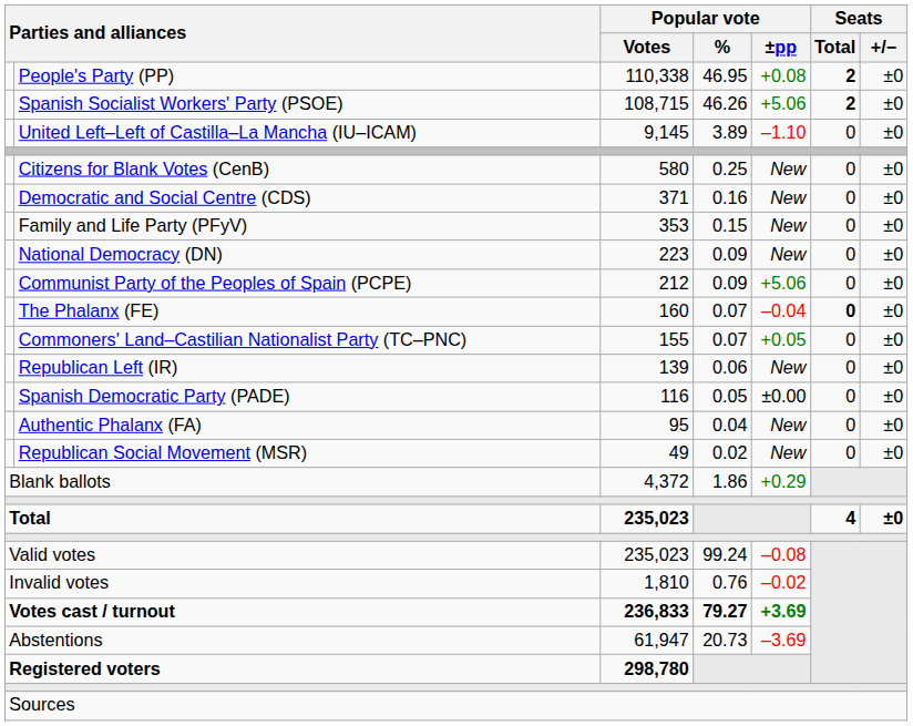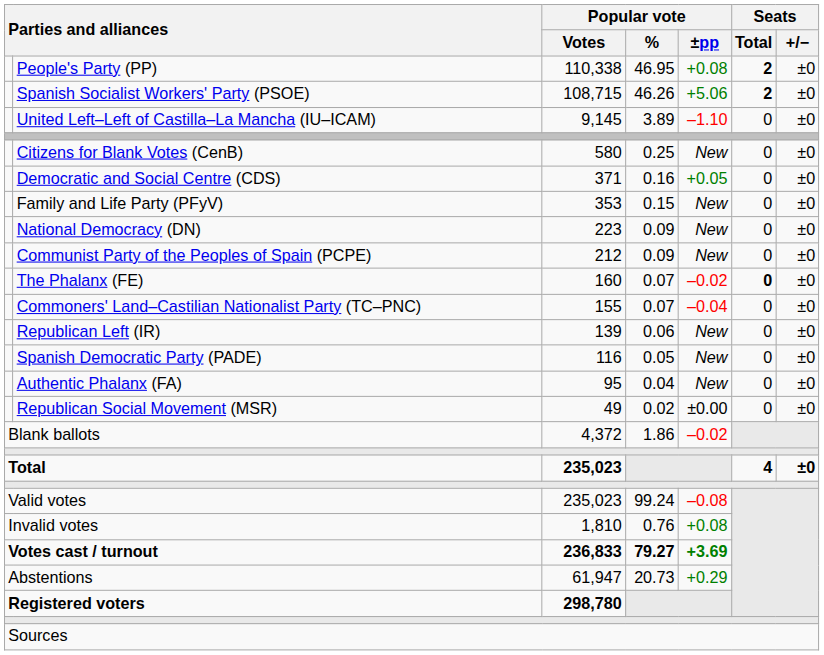 <table class="wikitable" style="text-align:right;">
 <tr>
 <th style="text-align:left;" rowspan="2" colspan="2" width="525">Parties and alliances</th>
 <th colspan="3">Popular vote</th>
 <th colspan="2">Seats</th>
 </tr>
 <tr>
 <th width="75">Votes</th>
 <th width="45">%</th>
 <th width="45">±<a href='#'>pp</a></th>
 <th width="35">Total</th>
 <th width="35">+/−</th>
 </tr>
 <tr>
 <td width="1" style="color:inherit;background:"></td>
 <td align="left"><a href='#'>People's Party</a> (PP)</td>
 <td>110,338</td>
 <td>46.95</td>
 <td style="color:green;">+0.08</td>
 <td><strong>2</strong></td>
 <td>±0</td>
 </tr>
 <tr>
 <td style="color:inherit;background:"></td>
 <td align="left"><a href='#'>Spanish Socialist Workers' Party</a> (PSOE)</td>
 <td>108,715</td>
 <td>46.26</td>
 <td style="color:green;">+5.06</td>
 <td><strong>2</strong></td>
 <td>±0</td>
 </tr>
 <tr>
 <td style="color:inherit;background:"></td>
 <td align="left"><a href='#'>United Left–Left of Castilla–La Mancha</a> (IU–ICAM)</td>
 <td>9,145</td>
 <td>3.89</td>
 <td style="color:red;">–1.10</td>
 <td>0</td>
 <td>±0</td>
 </tr>
 <tr>
 <td colspan="7" bgcolor="#C0C0C0"></td>
 </tr>
 <tr>
 <td style="color:inherit;background:"></td>
 <td align="left"><a href='#'>Citizens for Blank Votes</a> (CenB)</td>
 <td>580</td>
 <td>0.25</td>
 <td><em>New</em></td>
 <td>0</td>
 <td>±0</td>
 </tr>
 <tr>
 <td style="color:inherit;background:"></td>
 <td align="left"><a href='#'>Democratic and Social Centre</a> (CDS)</td>
 <td>371</td>
 <td>0.16</td>
-<td><em>New</em></td>
+<td style="color:green;">+0.05</td>
 <td>0</td>
 <td>±0</td>
 </tr>
 <tr>
 <td style="color:inherit;background:"></td>
 <td align="left">Family and Life Party (PFyV)</td>
 <td>353</td>
 <td>0.15</td>
 <td><em>New</em></td>
 <td>0</td>
 <td>±0</td>
 </tr>
 <tr>
 <td style="color:inherit;background:"></td>
 <td align="left"><a href='#'>National Democracy</a> (DN)</td>
 <td>223</td>
 <td>0.09</td>
 <td><em>New</em></td>
 <td>0</td>
 <td>±0</td>
 </tr>
 <tr>
 <td style="color:inherit;background:"></td>
 <td align="left"><a href='#'>Communist Party of the Peoples of Spain</a> (PCPE)</td>
 <td>212</td>
 <td>0.09</td>
-<td style="color:green;">+5.06</td>
+<td><em>New</em></td>
 <td>0</td>
 <td>±0</td>
 </tr>
 <tr>
 <td style="color:inherit;background:"></td>
 <td align="left"><a href='#'>The Phalanx</a> (FE)</td>
 <td>160</td>
 <td>0.07</td>
-<td style="color:red;">–0.04</td>
+<td style="color:red;">–0.02</td>
 <td><strong>0</strong></td>
 <td>±0</td>
 </tr>
 <tr>
 <td style="color:inherit;background:"></td>
 <td align="left"><a href='#'>Commoners' Land–Castilian Nationalist Party</a> (TC–PNC)</td>
 <td>155</td>
 <td>0.07</td>
-<td style="color:green;">+0.05</td>
+<td style="color:red;">–0.04</td>
 <td>0</td>
 <td>±0</td>
 </tr>
 <tr>
 <td style="color:inherit;background:"></td>
 <td align="left"><a href='#'>Republican Left</a> (IR)</td>
 <td>139</td>
 <td>0.06</td>
 <td><em>New</em></td>
 <td>0</td>
 <td>±0</td>
 </tr>
 <tr>
 <td style="color:inherit;background:"></td>
 <td align="left"><a href='#'>Spanish Democratic Party</a> (PADE)</td>
 <td>116</td>
 <td>0.05</td>
-<td>±0.00</td>
+<td><em>New</em></td>
 <td>0</td>
 <td>±0</td>
 </tr>
 <tr>
 <td style="color:inherit;background:"></td>
 <td align="left"><a href='#'>Authentic Phalanx</a> (FA)</td>
 <td>95</td>
 <td>0.04</td>
 <td><em>New</em></td>
 <td>0</td>
 <td>±0</td>
 </tr>
 <tr>
 <td style="color:inherit;background:"></td>
 <td align="left"><a href='#'>Republican Social Movement</a> (MSR)</td>
 <td>49</td>
 <td>0.02</td>
-<td><em>New</em></td>
+<td>±0.00</td>
 <td>0</td>
 <td>±0</td>
 </tr>
 <tr>
 <td align="left" colspan="2">Blank ballots</td>
 <td>4,372</td>
 <td>1.86</td>
-<td style="color:green;">+0.29</td>
+<td style="color:red;">–0.02</td>
 <td bgcolor="#E9E9E9" colspan="2"></td>
 </tr>
 <tr>
 <td colspan="7" bgcolor="#E9E9E9"></td>
 </tr>
 <tr style="font-weight:bold;">
 <td align="left" colspan="2">Total</td>
 <td>235,023</td>
 <td bgcolor="#E9E9E9" colspan="2"></td>
 <td>4</td>
 <td>±0</td>
 </tr>
 <tr>
 <td colspan="7" bgcolor="#E9E9E9"></td>
 </tr>
 <tr>
 <td align="left" colspan="2">Valid votes</td>
 <td>235,023</td>
 <td>99.24</td>
 <td style="color:red;">–0.08</td>
 <td bgcolor="#E9E9E9" colspan="2" rowspan="5"></td>
 </tr>
 <tr>
 <td align="left" colspan="2">Invalid votes</td>
 <td>1,810</td>
 <td>0.76</td>
-<td style="color:red;">–0.02</td>
+<td style="color:green;">+0.08</td>
 </tr>
 <tr style="font-weight:bold;">
 <td align="left" colspan="2">Votes cast / turnout</td>
 <td>236,833</td>
 <td>79.27</td>
 <td style="color:green;">+3.69</td>
 </tr>
 <tr>
 <td align="left" colspan="2">Abstentions</td>
 <td>61,947</td>
 <td>20.73</td>
-<td style="color:red;">–3.69</td>
+<td style="color:green;">+0.29</td>
 </tr>
 <tr style="font-weight:bold;">
 <td align="left" colspan="2">Registered voters</td>
 <td>298,780</td>
 <td bgcolor="#E9E9E9" colspan="2"></td>
 </tr>
 <tr>
 <td colspan="7" bgcolor="#E9E9E9"></td>
 </tr>
 <tr>
 <td align="left" colspan="7">Sources</td>
 </tr>
 </table>
